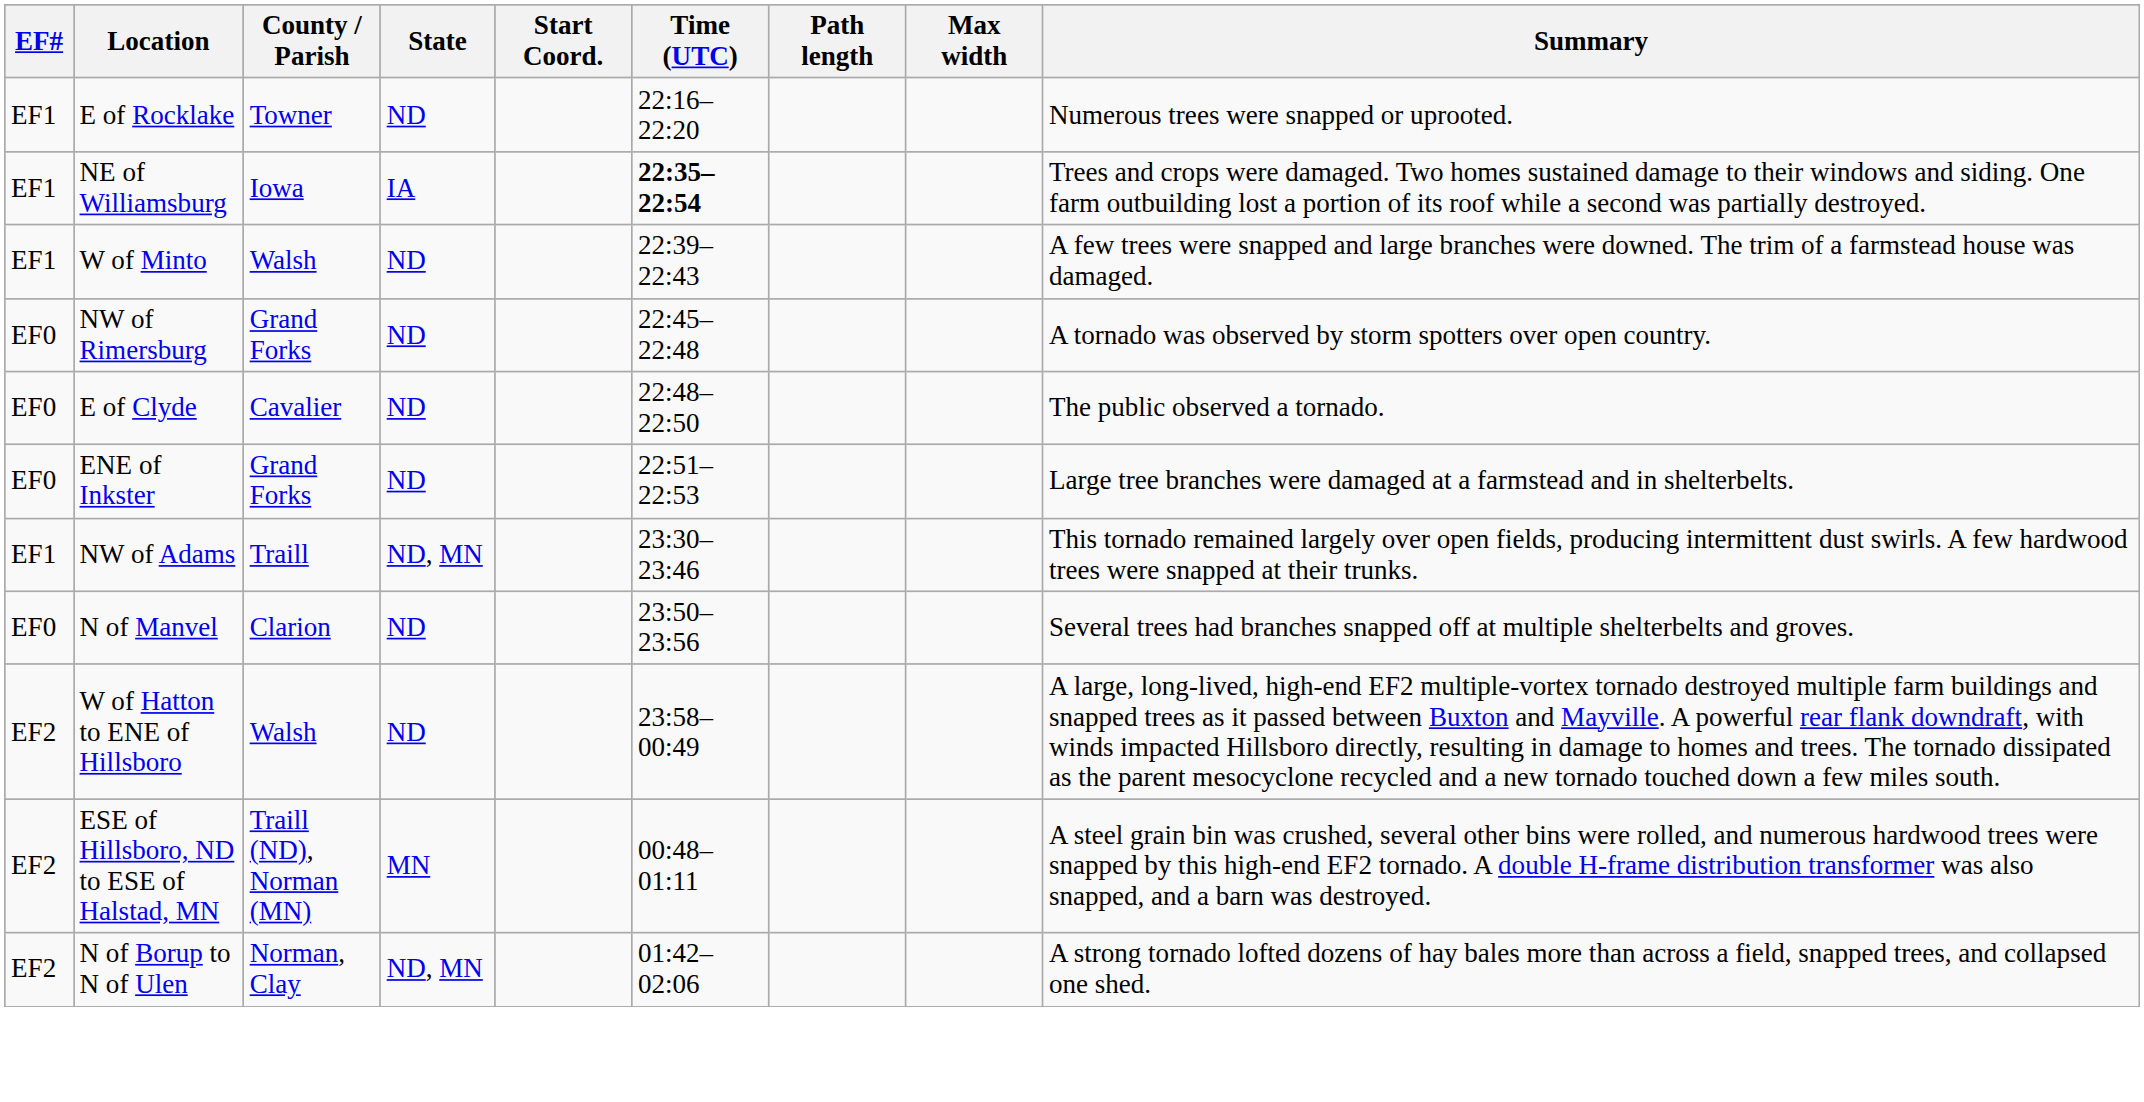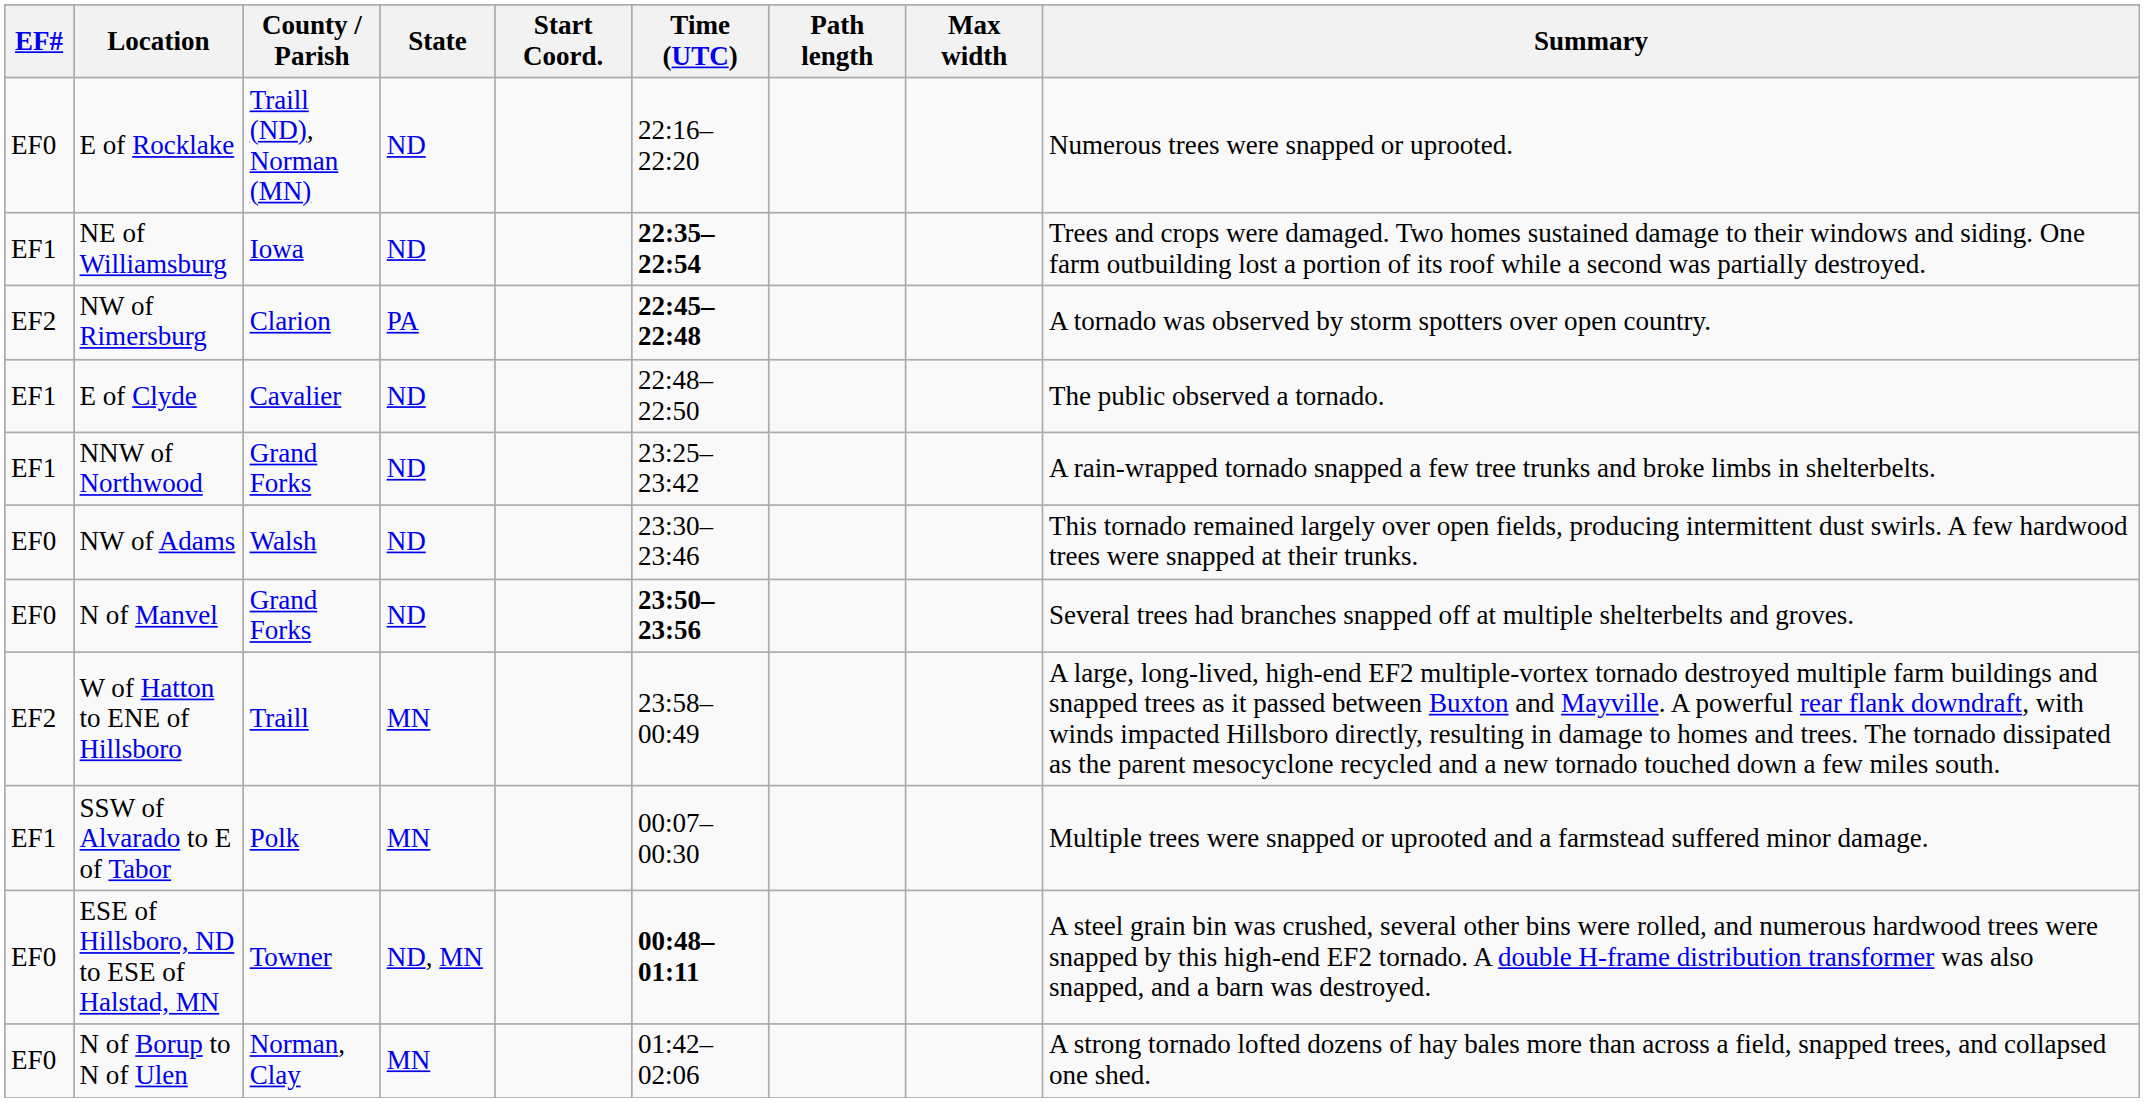 <table class="wikitable sortable" style="width:100%;">
 <tr>
 <th scope="col"  style="width:3%; text-align:center;"><a href='#'>EF#</a></th>
 <th scope="col"  style="width:7%; text-align:center;" class="unsortable">Location</th>
 <th scope="col"  style="width:6%; text-align:center;" class="unsortable">County / Parish</th>
 <th scope="col"  style="width:5%; text-align:center;">State</th>
 <th scope="col"  style="width:6%; text-align:center;">Start Coord.</th>
 <th scope="col"  style="width:6%; text-align:center;">Time (<a href='#'>UTC</a>)</th>
 <th scope="col"  style="width:6%; text-align:center;">Path length</th>
 <th scope="col"  style="width:6%; text-align:center;">Max width</th>
 <th scope="col" class="unsortable" style="width:48%; text-align:center;">Summary</th>
 </tr>
 <tr>
-<td>EF1</td>
+<td>EF0</td>
 <td>E of <a href='#'>Rocklake</a></td>
-<td><a href='#'>Towner</a></td>
+<td><a href='#'>Traill (ND)</a>, <a href='#'>Norman (MN)</a></td>
 <td><a href='#'>ND</a></td>
 <td></td>
 <td>22:16–22:20</td>
 <td></td>
 <td></td>
 <td>Numerous trees were snapped or uprooted.</td>
 </tr>
 <tr>
 <td>EF1</td>
 <td>NE of <a href='#'>Williamsburg</a></td>
 <td><a href='#'>Iowa</a></td>
-<td><a href='#'>IA</a></td>
+<td><a href='#'>ND</a></td>
 <td></td>
 <td><strong>22:35–22:54</strong></td>
 <td></td>
 <td></td>
 <td>Trees and crops were damaged. Two homes sustained damage to their windows and siding. One farm outbuilding lost a portion of its roof while a second was partially destroyed.</td>
 </tr>
 <tr>
-<td>EF1</td>
-<td>W of <a href='#'>Minto</a></td>
-<td><a href='#'>Walsh</a></td>
-<td><a href='#'>ND</a></td>
+<td>EF2</td>
+<td>NW of <a href='#'>Rimersburg</a></td>
+<td><a href='#'>Clarion</a></td>
+<td><a href='#'>PA</a></td>
 <td></td>
-<td>22:39–22:43</td>
-<td></td>
-<td></td>
-<td>A few trees were snapped and large branches were downed. The trim of a farmstead house was damaged.</td>
-</tr>
-<tr>
-<td>EF0</td>
-<td>NW of <a href='#'>Rimersburg</a></td>
-<td><a href='#'>Grand Forks</a></td>
-<td><a href='#'>ND</a></td>
-<td></td>
-<td>22:45–22:48</td>
+<td><strong>22:45–22:48</strong></td>
 <td></td>
 <td></td>
 <td>A tornado was observed by storm spotters over open country.</td>
 </tr>
 <tr>
-<td>EF0</td>
+<td>EF1</td>
 <td>E of <a href='#'>Clyde</a></td>
 <td><a href='#'>Cavalier</a></td>
 <td><a href='#'>ND</a></td>
 <td></td>
 <td>22:48–22:50</td>
 <td></td>
 <td></td>
 <td>The public observed a tornado.</td>
 </tr>
 <tr>
-<td>EF0</td>
-<td>ENE of <a href='#'>Inkster</a></td>
+<td>EF1</td>
+<td>NNW of <a href='#'>Northwood</a></td>
 <td><a href='#'>Grand Forks</a></td>
 <td><a href='#'>ND</a></td>
 <td></td>
-<td>22:51–22:53</td>
+<td>23:25–23:42</td>
 <td></td>
 <td></td>
-<td>Large tree branches were damaged at a farmstead and in shelterbelts.</td>
+<td>A rain-wrapped tornado snapped a few tree trunks and broke limbs in shelterbelts.</td>
 </tr>
 <tr>
-<td>EF1</td>
+<td>EF0</td>
 <td>NW of <a href='#'>Adams</a></td>
-<td><a href='#'>Traill</a></td>
-<td><a href='#'>ND</a>, <a href='#'>MN</a></td>
+<td><a href='#'>Walsh</a></td>
+<td><a href='#'>ND</a></td>
 <td></td>
 <td>23:30–23:46</td>
 <td></td>
 <td></td>
 <td>This tornado remained largely over open fields, producing intermittent dust swirls. A few hardwood trees were snapped at their trunks.</td>
 </tr>
 <tr>
 <td>EF0</td>
 <td>N of <a href='#'>Manvel</a></td>
-<td><a href='#'>Clarion</a></td>
+<td><a href='#'>Grand Forks</a></td>
 <td><a href='#'>ND</a></td>
 <td></td>
-<td>23:50–23:56</td>
+<td><strong>23:50–23:56</strong></td>
 <td></td>
 <td></td>
 <td>Several trees had branches snapped off at multiple shelterbelts and groves.</td>
 </tr>
 <tr>
 <td>EF2</td>
 <td>W of <a href='#'>Hatton</a> to ENE of <a href='#'>Hillsboro</a></td>
-<td><a href='#'>Walsh</a></td>
-<td><a href='#'>ND</a></td>
+<td><a href='#'>Traill</a></td>
+<td><a href='#'>MN</a></td>
 <td></td>
 <td>23:58–00:49</td>
 <td></td>
 <td></td>
 <td>A large, long-lived, high-end EF2 multiple-vortex tornado destroyed multiple farm buildings and snapped trees as it passed between <a href='#'>Buxton</a> and <a href='#'>Mayville</a>. A powerful <a href='#'>rear flank downdraft</a>, with  winds impacted Hillsboro directly, resulting in damage to homes and trees. The tornado dissipated as the parent mesocyclone recycled and a new tornado touched down a few miles south.</td>
 </tr>
 <tr>
-<td>EF2</td>
-<td>ESE of <a href='#'>Hillsboro, ND</a> to ESE of <a href='#'>Halstad, MN</a></td>
-<td><a href='#'>Traill (ND)</a>, <a href='#'>Norman (MN)</a></td>
+<td>EF1</td>
+<td>SSW of <a href='#'>Alvarado</a> to E of <a href='#'>Tabor</a></td>
+<td><a href='#'>Polk</a></td>
 <td><a href='#'>MN</a></td>
 <td></td>
-<td>00:48–01:11</td>
+<td>00:07–00:30</td>
+<td></td>
+<td></td>
+<td>Multiple trees were snapped or uprooted and a farmstead suffered minor damage.</td>
+</tr>
+<tr>
+<td>EF0</td>
+<td>ESE of <a href='#'>Hillsboro, ND</a> to ESE of <a href='#'>Halstad, MN</a></td>
+<td><a href='#'>Towner</a></td>
+<td><a href='#'>ND</a>, <a href='#'>MN</a></td>
+<td></td>
+<td><strong>00:48–01:11</strong></td>
 <td></td>
 <td></td>
 <td>A steel grain bin was crushed, several other bins were rolled, and numerous hardwood trees were snapped by this high-end EF2 tornado. A <a href='#'>double H-frame distribution transformer</a> was also snapped, and a barn was destroyed.</td>
 </tr>
 <tr>
-<td>EF2</td>
+<td>EF0</td>
 <td>N of <a href='#'>Borup</a> to N of <a href='#'>Ulen</a></td>
 <td><a href='#'>Norman</a>, <a href='#'>Clay</a></td>
-<td><a href='#'>ND</a>, <a href='#'>MN</a></td>
+<td><a href='#'>MN</a></td>
 <td></td>
 <td>01:42–02:06</td>
 <td></td>
 <td></td>
 <td>A strong tornado lofted dozens of  hay bales more than  across a field, snapped trees, and collapsed one shed.</td>
 </tr>
 <tr>
 </tr>
 </table>
